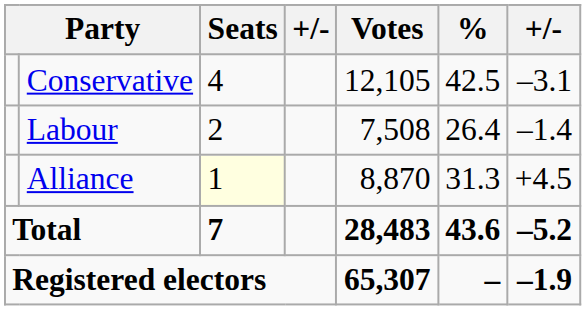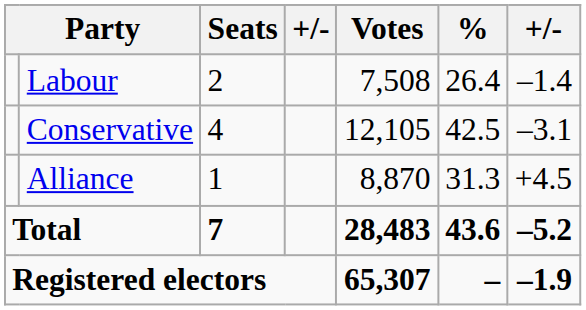 <table class="wikitable sortable">
 <tr>
 <th colspan="2">Party</th>
 <th>Seats</th>
 <th>+/-</th>
 <th>Votes</th>
 <th>%</th>
 <th>+/-</th>
+</tr>
+<tr>
+<td style="background-color: "></td>
+<td><a href='#'>Labour</a></td>
+<td>2</td>
+<td></td>
+<td style="text-align:right;">7,508</td>
+<td style="text-align:right;">26.4</td>
+<td style="text-align:right;">–1.4</td>
 </tr>
 <tr>
 <td style="background-color: "></td>
 <td><a href='#'>Conservative</a></td>
 <td>4</td>
 <td></td>
 <td style="text-align:right;">12,105</td>
 <td style="text-align:right;">42.5</td>
 <td style="text-align:right;">–3.1</td>
 </tr>
 <tr>
 <td style="background-color: "></td>
-<td><a href='#'>Labour</a></td>
-<td>2</td>
-<td></td>
-<td style="text-align:right;">7,508</td>
-<td style="text-align:right;">26.4</td>
-<td style="text-align:right;">–1.4</td>
-</tr>
-<tr>
-<td style="background-color: "></td>
 <td><a href='#'>Alliance</a></td>
-<td style="background: lightyellow;">1</td>
+<td>1</td>
 <td></td>
 <td style="text-align:right;">8,870</td>
 <td style="text-align:right;">31.3</td>
 <td style="text-align:right;">+4.5</td>
 </tr>
 <tr>
 <td colspan="2"><strong>Total</strong></td>
 <td><strong>7</strong></td>
 <td></td>
 <td style="text-align:right;"><strong>28,483</strong></td>
 <td style="text-align:right;"><strong>43.6</strong></td>
 <td style="text-align:right;"><strong>–5.2</strong></td>
 </tr>
 <tr>
 <td colspan="4"><strong>Registered electors</strong></td>
 <td style="text-align:right;"><strong>65,307</strong></td>
 <td style="text-align:right;"><strong>–</strong></td>
 <td style="text-align:right;"><strong>–1.9</strong></td>
 </tr>
 </table>
